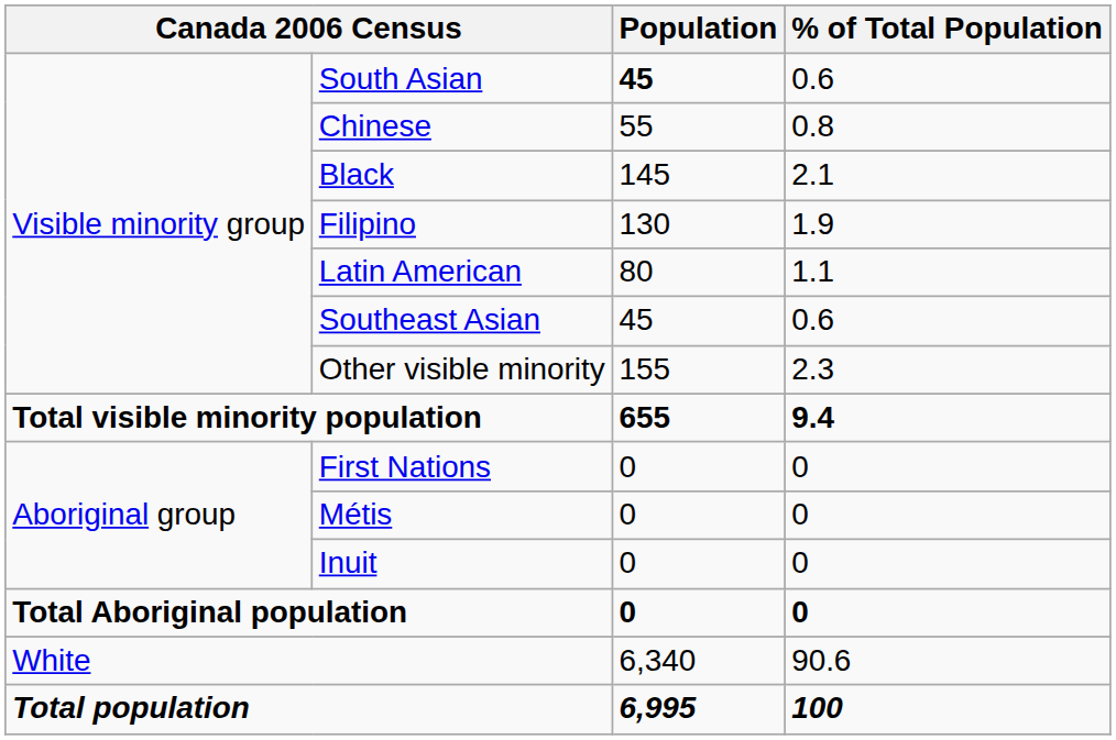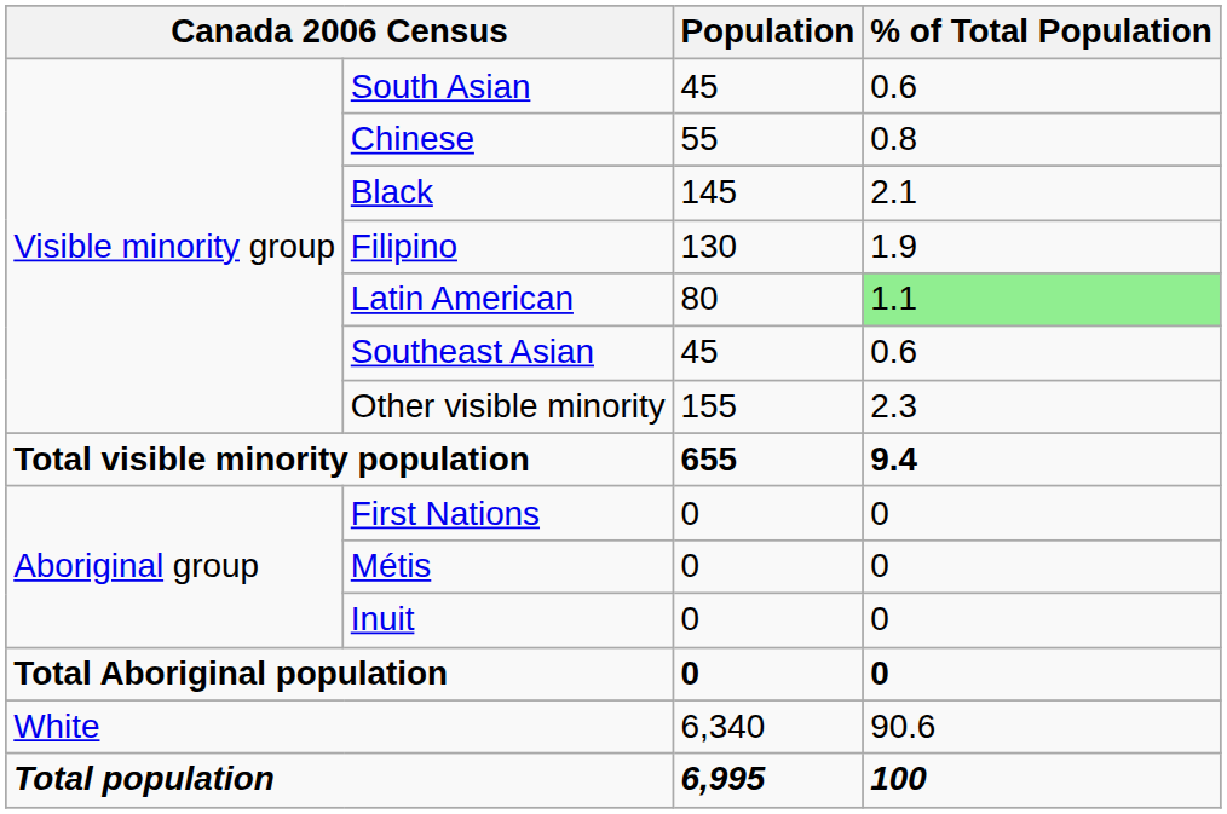 <table class="wikitable">
 <tr>
 <th colspan="2">Canada 2006 Census</th>
 <th>Population</th>
 <th>% of Total Population</th>
 </tr>
 <tr>
 <td rowspan="7"><a href='#'>Visible minority</a> group</td>
 <td><a href='#'>South Asian</a></td>
-<td><strong>45</strong></td>
+<td>45</td>
 <td>0.6</td>
 </tr>
 <tr>
 <td><a href='#'>Chinese</a></td>
 <td>55</td>
 <td>0.8</td>
 </tr>
 <tr>
 <td><a href='#'>Black</a></td>
 <td>145</td>
 <td>2.1</td>
 </tr>
 <tr>
 <td><a href='#'>Filipino</a></td>
 <td>130</td>
 <td>1.9</td>
 </tr>
 <tr>
 <td><a href='#'>Latin American</a></td>
 <td>80</td>
-<td>1.1</td>
+<td style="background: lightgreen;">1.1</td>
 </tr>
 <tr>
 <td><a href='#'>Southeast Asian</a></td>
 <td>45</td>
 <td>0.6</td>
 </tr>
 <tr>
 <td>Other visible minority</td>
 <td>155</td>
 <td>2.3</td>
 </tr>
 <tr>
 <td colspan="2"><strong>Total visible minority population</strong></td>
 <td><strong>655</strong></td>
 <td><strong>9.4</strong></td>
 </tr>
 <tr>
 <td rowspan="3"><a href='#'>Aboriginal</a> group</td>
 <td><a href='#'>First Nations</a></td>
 <td>0</td>
 <td>0</td>
 </tr>
 <tr>
 <td><a href='#'>Métis</a></td>
 <td>0</td>
 <td>0</td>
 </tr>
 <tr>
 <td><a href='#'>Inuit</a></td>
 <td>0</td>
 <td>0</td>
 </tr>
 <tr>
 <td colspan="2"><strong>Total Aboriginal population</strong></td>
 <td><strong>0</strong></td>
 <td><strong>0</strong></td>
 </tr>
 <tr>
 <td colspan="2"><a href='#'>White</a></td>
 <td>6,340</td>
 <td>90.6</td>
 </tr>
 <tr>
 <td colspan="2"><strong><em>Total population</em></strong></td>
 <td><strong><em>6,995</em></strong></td>
 <td><strong><em>100</em></strong></td>
 </tr>
 </table>
